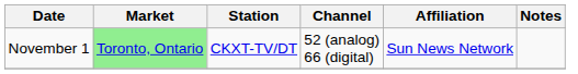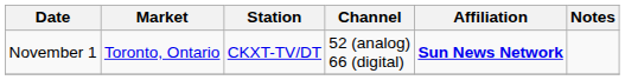 <table class="wikitable">
 <tr>
 <th>Date</th>
 <th>Market</th>
 <th>Station</th>
 <th>Channel</th>
 <th>Affiliation</th>
 <th>Notes</th>
 </tr>
 <tr>
 <td>November 1</td>
-<td style="background: lightgreen;"><a href='#'>Toronto, Ontario</a></td>
+<td><a href='#'>Toronto, Ontario</a></td>
 <td><a href='#'>CKXT-TV/DT</a></td>
 <td>52 (analog) <br> 66 (digital)</td>
-<td><a href='#'>Sun News Network</a></td>
+<td><strong><a href='#'>Sun News Network</a></strong></td>
 <td></td>
 </tr>
 <tr>
 </tr>
 </table>
